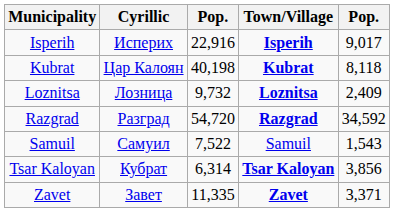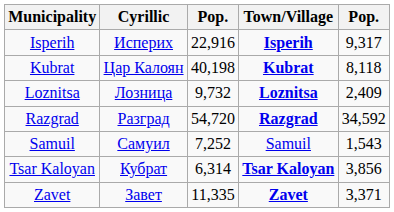 <table class="wikitable sortable">
 <tr>
 <th>Municipality</th>
 <th>Cyrillic</th>
 <th>Pop.</th>
 <th>Town/Village</th>
 <th>Pop.</th>
 </tr>
 <tr>
 <td align="center"><a href='#'>Isperih</a></td>
 <td align="center"><a href='#'>Исперих</a></td>
 <td align="center">22,916</td>
 <td align="center"><strong><a href='#'>Isperih</a></strong></td>
-<td align="center">9,017</td>
+<td align="center">9,317</td>
 </tr>
 <tr>
 <td align="center"><a href='#'>Kubrat</a></td>
 <td align="center"><a href='#'>Цар Калоян</a></td>
 <td align="center">40,198</td>
 <td align="center"><strong><a href='#'>Kubrat</a></strong></td>
 <td align="center">8,118</td>
 </tr>
 <tr>
 <td align="center"><a href='#'>Loznitsa</a></td>
 <td align="center"><a href='#'>Лозница</a></td>
 <td align="center">9,732</td>
 <td align="center"><strong><a href='#'>Loznitsa</a></strong></td>
 <td align="center">2,409</td>
 </tr>
 <tr>
 <td align="center"><a href='#'>Razgrad</a></td>
 <td align="center"><a href='#'>Разград</a></td>
 <td align="center">54,720</td>
 <td align="center"><strong><a href='#'>Razgrad</a></strong></td>
 <td align="center">34,592</td>
 </tr>
 <tr>
 <td align="center"><a href='#'>Samuil</a></td>
 <td align="center"><a href='#'>Самуил</a></td>
-<td align="center">7,522</td>
+<td align="center">7,252</td>
 <td align="center"><a href='#'>Samuil</a></td>
 <td align="center">1,543</td>
 </tr>
 <tr>
 <td align="center"><a href='#'>Tsar Kaloyan</a></td>
 <td align="center"><a href='#'>Кубрат</a></td>
 <td align="center">6,314</td>
 <td align="center"><strong><a href='#'>Tsar Kaloyan</a></strong></td>
 <td align="center">3,856</td>
 </tr>
 <tr>
 <td align="center"><a href='#'>Zavet</a></td>
 <td align="center"><a href='#'>Завет</a></td>
 <td align="center">11,335</td>
 <td align="center"><strong><a href='#'>Zavet</a></strong></td>
 <td align="center">3,371</td>
 </tr>
 </table>
